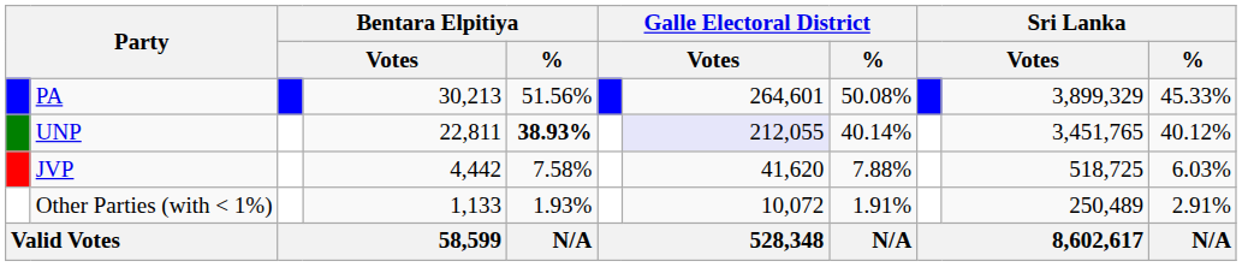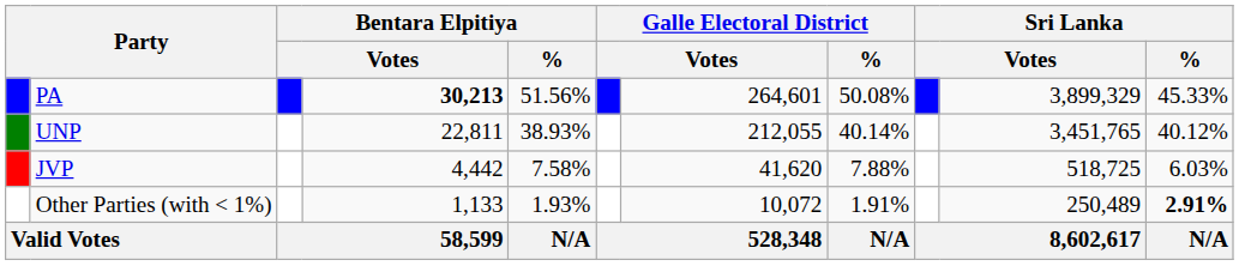 <table class="wikitable">
 <tr>
 <th colspan="2" width="144px"rowspan="2">Party</th>
 <th colspan="3" width="216px">Bentara Elpitiya</th>
 <th colspan="3" width="216px"><a href='#'>Galle Electoral District</a></th>
 <th colspan="3" width="216px">Sri Lanka</th>
 </tr>
 <tr>
 <th colspan="2" width="144px">Votes</th>
 <th>%</th>
 <th colspan="2" width="144px">Votes</th>
 <th>%</th>
 <th colspan="2" width="144px">Votes</th>
 <th>%</th>
 </tr>
 <tr>
 <td style="background-color:blue;" width="10px"></td>
 <td style="text-align:left;"><a href='#'>PA</a></td>
 <td style="background-color:blue;" width="10px"></td>
-<td style="text-align:right;">30,213</td>
+<td style="text-align:right;"><strong>30,213</strong></td>
 <td style="text-align:right;">51.56%</td>
 <td style="background-color:blue;" width="10px"></td>
 <td style="text-align:right;">264,601</td>
 <td style="text-align:right;">50.08%</td>
 <td style="background-color:blue;" width="10px"></td>
 <td style="text-align:right;">3,899,329</td>
 <td style="text-align:right;">45.33%</td>
 </tr>
 <tr>
 <td style="background-color:green;" width="10px"></td>
 <td style="text-align:left;"><a href='#'>UNP</a></td>
 <td style="background-color:white;" width="10px"></td>
 <td style="text-align:right;">22,811</td>
-<td style="text-align:right;"><strong>38.93%</strong></td>
+<td style="text-align:right;">38.93%</td>
 <td style="background-color:white;" width="10px"></td>
-<td style="background: lavender; text-align:right;">212,055</td>
+<td style="text-align:right;">212,055</td>
 <td style="text-align:right;">40.14%</td>
 <td style="background-color:white;" width="10px"></td>
 <td style="text-align:right;">3,451,765</td>
 <td style="text-align:right;">40.12%</td>
 </tr>
 <tr>
 <td style="background-color:red;" width="10px"></td>
 <td style="text-align:left;"><a href='#'>JVP</a></td>
 <td style="background-color:white;" width="10px"></td>
 <td style="text-align:right;">4,442</td>
 <td style="text-align:right;">7.58%</td>
 <td style="background-color:white;" width="10px"></td>
 <td style="text-align:right;">41,620</td>
 <td style="text-align:right;">7.88%</td>
 <td style="background-color:white;" width="10px"></td>
 <td style="text-align:right;">518,725</td>
 <td style="text-align:right;">6.03%</td>
 </tr>
 <tr>
 <td style="background-color:white;" width="10px"></td>
 <td style="text-align:left;">Other Parties (with < 1%)</td>
 <td style="background-color:white;" width="10px"></td>
 <td style="text-align:right;">1,133</td>
 <td style="text-align:right;">1.93%</td>
 <td style="background-color:white;" width="10px"></td>
 <td style="text-align:right;">10,072</td>
 <td style="text-align:right;">1.91%</td>
 <td style="background-color:white;" width="10px"></td>
 <td style="text-align:right;">250,489</td>
-<td style="text-align:right;">2.91%</td>
+<td style="text-align:right;"><strong>2.91%</strong></td>
 </tr>
 <tr>
 <th colspan="2" width="144px"style="text-align:left;">Valid Votes</th>
 <th style="text-align:right;"colspan="2" width="144px">58,599</th>
 <th style="text-align:right;">N/A</th>
 <th style="text-align:right;"colspan="2" width="144px">528,348</th>
 <th style="text-align:right;">N/A</th>
 <th style="text-align:right;"colspan="2" width="144px">8,602,617</th>
 <th style="text-align:right;">N/A</th>
 </tr>
 </table>
